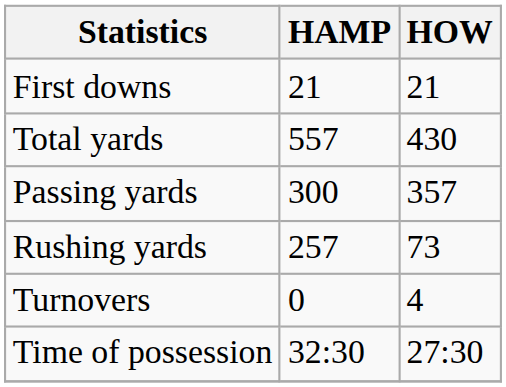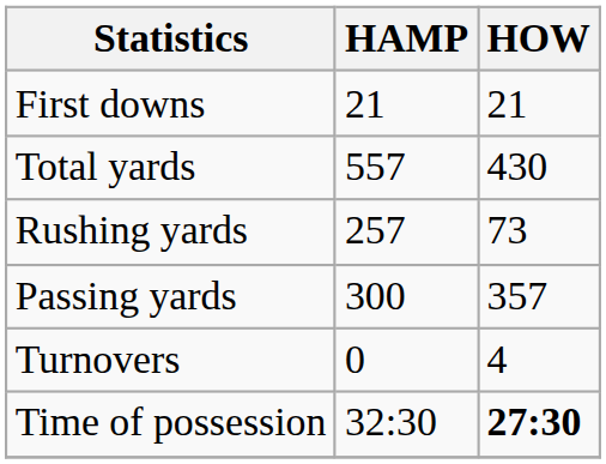 <table class="wikitable" style="float: left;">
 <tr>
 <th>Statistics</th>
 <th>HAMP</th>
 <th>HOW</th>
 </tr>
 <tr>
 <td>First downs</td>
 <td>21</td>
 <td>21</td>
 </tr>
 <tr>
 <td>Total yards</td>
 <td>557</td>
 <td>430</td>
 </tr>
 <tr>
+<td>Rushing yards</td>
+<td>257</td>
+<td>73</td>
+</tr>
+<tr>
 <td>Passing yards</td>
 <td>300</td>
 <td>357</td>
-</tr>
-<tr>
-<td>Rushing yards</td>
-<td>257</td>
-<td>73</td>
 </tr>
 <tr>
 <td>Turnovers</td>
 <td>0</td>
 <td>4</td>
 </tr>
 <tr>
 <td>Time of possession</td>
 <td>32:30</td>
-<td>27:30</td>
+<td><strong>27:30</strong></td>
 </tr>
 <tr>
 </tr>
 </table>
